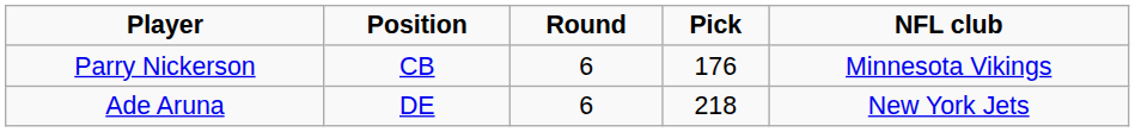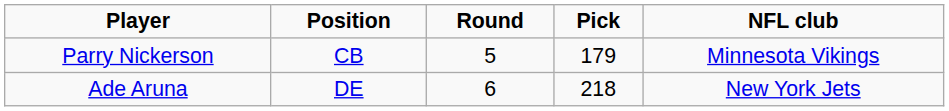 <table class="wikitable" width="80%">
 <tr align="center">
 <td><strong>Player</strong></td>
 <td><strong>Position</strong></td>
 <td><strong>Round</strong></td>
 <td><strong>Pick</strong></td>
 <td><strong>NFL club</strong></td>
 </tr>
 <tr align="center" bgcolor="">
 <td><a href='#'>Parry Nickerson</a></td>
 <td><a href='#'>CB</a></td>
-<td>6</td>
-<td>176</td>
+<td>5</td>
+<td>179</td>
 <td><a href='#'>Minnesota Vikings</a></td>
 </tr>
 <tr align="center" bgcolor="">
 <td><a href='#'>Ade Aruna</a></td>
 <td><a href='#'>DE</a></td>
 <td>6</td>
 <td>218</td>
 <td><a href='#'>New York Jets</a></td>
 </tr>
 </table>
